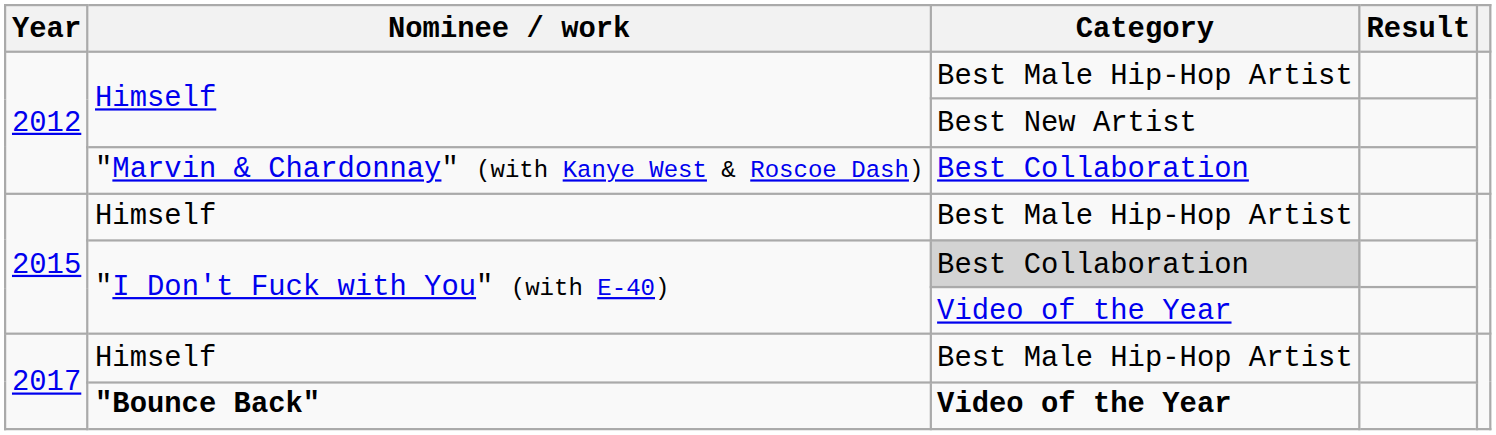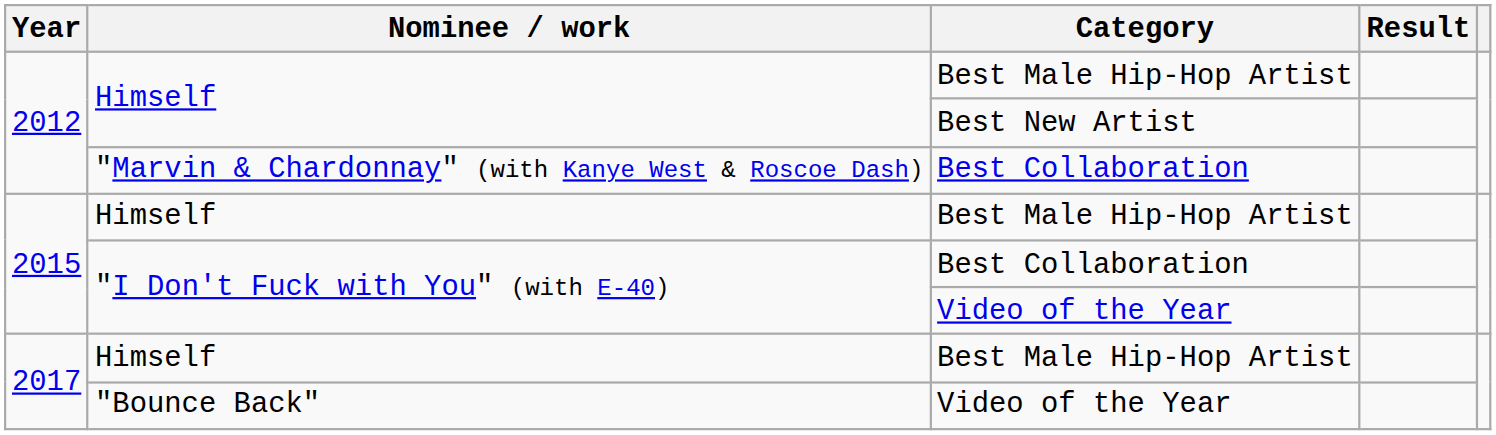 <table class="wikitable">
 <tr>
 <th>Year</th>
 <th>Nominee / work</th>
 <th>Category</th>
 <th>Result</th>
 <th></th>
 </tr>
 <tr>
 <td style="text-align:center;" rowspan="3"><a href='#'>2012</a></td>
 <td rowspan="2"><a href='#'>Himself</a></td>
 <td>Best Male Hip-Hop Artist</td>
 <td></td>
 <td rowspan="3"></td>
 </tr>
 <tr>
 <td>Best New Artist</td>
 <td></td>
 </tr>
 <tr>
 <td>"<a href='#'>Marvin & Chardonnay</a>" <small>(with <a href='#'>Kanye West</a> & <a href='#'>Roscoe Dash</a>)</small></td>
 <td><a href='#'>Best Collaboration</a></td>
 <td></td>
 </tr>
 <tr>
 <td style="text-align:center;" rowspan="3"><a href='#'>2015</a></td>
 <td>Himself</td>
 <td>Best Male Hip-Hop Artist</td>
 <td></td>
 <td rowspan="3"></td>
 </tr>
 <tr>
 <td rowspan="2">"<a href='#'>I Don't Fuck with You</a>" <small>(with <a href='#'>E-40</a>)</small></td>
-<td style="background: lightgrey;">Best Collaboration</td>
+<td>Best Collaboration</td>
 <td></td>
 </tr>
 <tr>
 <td><a href='#'>Video of the Year</a></td>
 <td></td>
 </tr>
 <tr>
 <td style="text-align:center;" rowspan=2><a href='#'>2017</a></td>
 <td>Himself</td>
 <td>Best Male Hip-Hop Artist</td>
 <td></td>
 <td rowspan=2></td>
 </tr>
 <tr>
-<td><strong>"Bounce Back"</strong></td>
-<td><strong>Video of the Year</strong></td>
+<td>"Bounce Back"</td>
+<td>Video of the Year</td>
 <td></td>
 </tr>
 </table>
